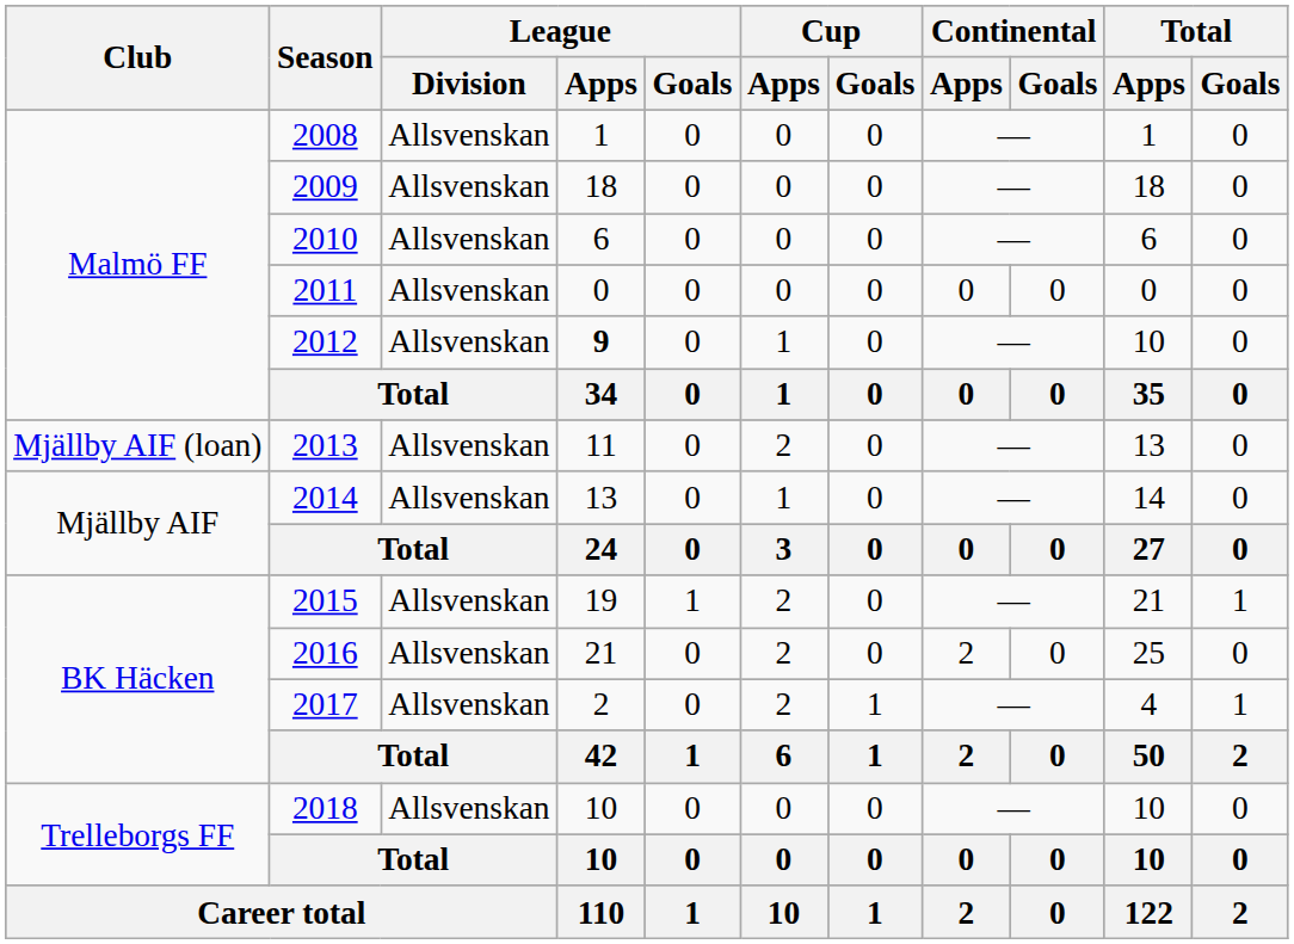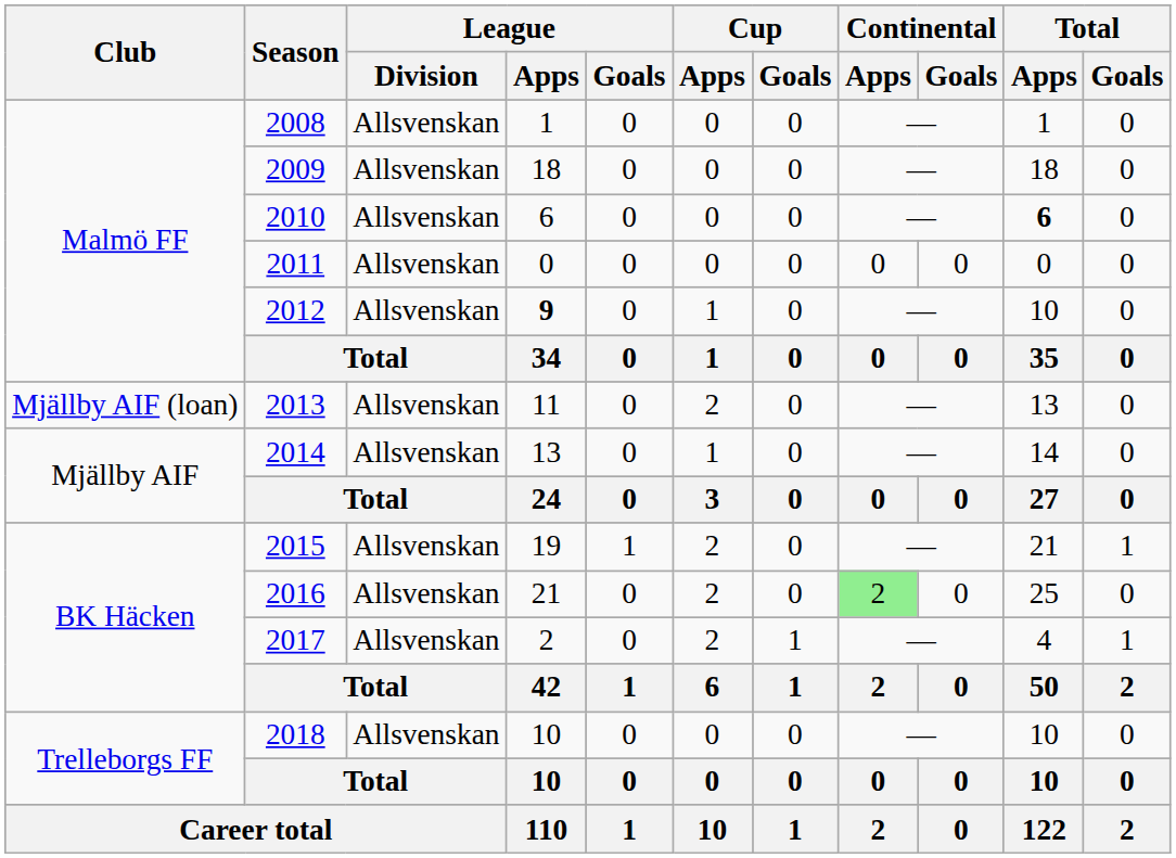 <table class="wikitable" style="text-align:center;">
 <tr>
 <th rowspan="2">Club</th>
 <th rowspan="2">Season</th>
 <th colspan="3">League</th>
 <th colspan="2">Cup</th>
 <th colspan="2">Continental</th>
 <th colspan="2">Total</th>
 </tr>
 <tr>
 <th>Division</th>
 <th>Apps</th>
 <th>Goals</th>
 <th>Apps</th>
 <th>Goals</th>
 <th>Apps</th>
 <th>Goals</th>
 <th>Apps</th>
 <th>Goals</th>
 </tr>
 <tr>
 <td rowspan="6"><a href='#'>Malmö FF</a></td>
 <td><a href='#'>2008</a></td>
 <td>Allsvenskan</td>
 <td>1</td>
 <td>0</td>
 <td>0</td>
 <td>0</td>
 <td colspan="2">—</td>
 <td>1</td>
 <td>0</td>
 </tr>
 <tr>
 <td><a href='#'>2009</a></td>
 <td>Allsvenskan</td>
 <td>18</td>
 <td>0</td>
 <td>0</td>
 <td>0</td>
 <td colspan="2">—</td>
 <td>18</td>
 <td>0</td>
 </tr>
 <tr>
 <td><a href='#'>2010</a></td>
 <td>Allsvenskan</td>
 <td>6</td>
 <td>0</td>
 <td>0</td>
 <td>0</td>
 <td colspan="2">—</td>
-<td>6</td>
+<td><strong>6</strong></td>
 <td>0</td>
 </tr>
 <tr>
 <td><a href='#'>2011</a></td>
 <td>Allsvenskan</td>
 <td>0</td>
 <td>0</td>
 <td>0</td>
 <td>0</td>
 <td>0</td>
 <td>0</td>
 <td>0</td>
 <td>0</td>
 </tr>
 <tr>
 <td><a href='#'>2012</a></td>
 <td>Allsvenskan</td>
 <td><strong>9</strong></td>
 <td>0</td>
 <td>1</td>
 <td>0</td>
 <td colspan="2">—</td>
 <td>10</td>
 <td>0</td>
 </tr>
 <tr>
 <th colspan="2">Total</th>
 <th>34</th>
 <th>0</th>
 <th>1</th>
 <th>0</th>
 <th>0</th>
 <th>0</th>
 <th>35</th>
 <th>0</th>
 </tr>
 <tr>
 <td><a href='#'>Mjällby AIF</a> (loan)</td>
 <td><a href='#'>2013</a></td>
 <td>Allsvenskan</td>
 <td>11</td>
 <td>0</td>
 <td>2</td>
 <td>0</td>
 <td colspan="2">—</td>
 <td>13</td>
 <td>0</td>
 </tr>
 <tr>
 <td rowspan="2">Mjällby AIF</td>
 <td><a href='#'>2014</a></td>
 <td>Allsvenskan</td>
 <td>13</td>
 <td>0</td>
 <td>1</td>
 <td>0</td>
 <td colspan="2">—</td>
 <td>14</td>
 <td>0</td>
 </tr>
 <tr>
 <th colspan="2">Total</th>
 <th>24</th>
 <th>0</th>
 <th>3</th>
 <th>0</th>
 <th>0</th>
 <th>0</th>
 <th>27</th>
 <th>0</th>
 </tr>
 <tr>
 <td rowspan="4"><a href='#'>BK Häcken</a></td>
 <td><a href='#'>2015</a></td>
 <td>Allsvenskan</td>
 <td>19</td>
 <td>1</td>
 <td>2</td>
 <td>0</td>
 <td colspan="2">—</td>
 <td>21</td>
 <td>1</td>
 </tr>
 <tr>
 <td><a href='#'>2016</a></td>
 <td>Allsvenskan</td>
 <td>21</td>
 <td>0</td>
 <td>2</td>
 <td>0</td>
-<td>2</td>
+<td style="background: lightgreen;">2</td>
 <td>0</td>
 <td>25</td>
 <td>0</td>
 </tr>
 <tr>
 <td><a href='#'>2017</a></td>
 <td>Allsvenskan</td>
 <td>2</td>
 <td>0</td>
 <td>2</td>
 <td>1</td>
 <td colspan="2">—</td>
 <td>4</td>
 <td>1</td>
 </tr>
 <tr>
 <th colspan="2">Total</th>
 <th>42</th>
 <th>1</th>
 <th>6</th>
 <th>1</th>
 <th>2</th>
 <th>0</th>
 <th>50</th>
 <th>2</th>
 </tr>
 <tr>
 <td rowspan="2"><a href='#'>Trelleborgs FF</a></td>
 <td><a href='#'>2018</a></td>
 <td>Allsvenskan</td>
 <td>10</td>
 <td>0</td>
 <td>0</td>
 <td>0</td>
 <td colspan="2">—</td>
 <td>10</td>
 <td>0</td>
 </tr>
 <tr>
 <th colspan="2">Total</th>
 <th>10</th>
 <th>0</th>
 <th>0</th>
 <th>0</th>
 <th>0</th>
 <th>0</th>
 <th>10</th>
 <th>0</th>
 </tr>
 <tr>
 <th colspan="3">Career total</th>
 <th>110</th>
 <th>1</th>
 <th>10</th>
 <th>1</th>
 <th>2</th>
 <th>0</th>
 <th>122</th>
 <th>2</th>
 </tr>
 </table>
